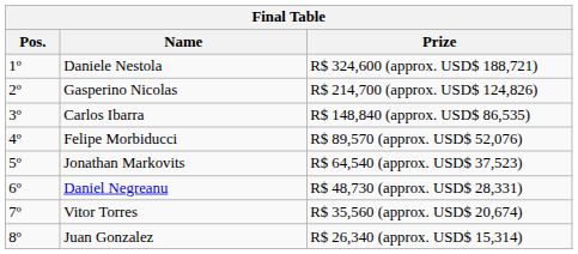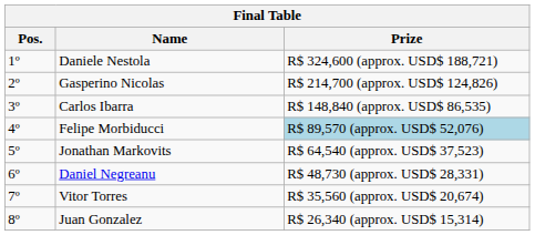 <table class="wikitable">
 <tr>
 <th colspan="3">Final Table</th>
 </tr>
 <tr>
 <th width="50">Pos.</th>
 <th width="250">Name</th>
 <th width="270">Prize</th>
 </tr>
 <tr>
 <td>1º</td>
 <td> Daniele Nestola</td>
 <td>R$ 324,600 (approx. USD$ 188,721)</td>
 </tr>
 <tr>
 <td>2º</td>
 <td> Gasperino Nicolas</td>
 <td>R$ 214,700 (approx. USD$ 124,826)</td>
 </tr>
 <tr>
 <td>3º</td>
 <td> Carlos Ibarra</td>
 <td>R$ 148,840 (approx. USD$ 86,535)</td>
 </tr>
 <tr>
 <td>4º</td>
 <td> Felipe Morbiducci</td>
-<td>R$ 89,570 (approx. USD$ 52,076)</td>
+<td style="background: lightblue;">R$ 89,570 (approx. USD$ 52,076)</td>
 </tr>
 <tr>
 <td>5º</td>
 <td> Jonathan Markovits</td>
 <td>R$ 64,540 (approx. USD$ 37,523)</td>
 </tr>
 <tr>
 <td>6º</td>
 <td> <a href='#'>Daniel Negreanu</a></td>
 <td>R$ 48,730 (approx. USD$ 28,331)</td>
 </tr>
 <tr>
 <td>7º</td>
 <td> Vitor Torres</td>
 <td>R$ 35,560 (approx. USD$ 20,674)</td>
 </tr>
 <tr>
 <td>8º</td>
 <td> Juan Gonzalez</td>
 <td>R$ 26,340 (approx. USD$ 15,314)</td>
 </tr>
 </table>
